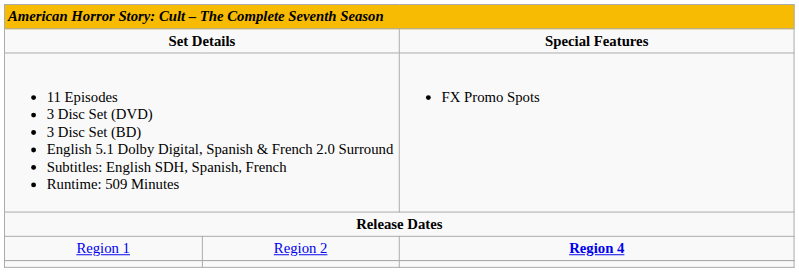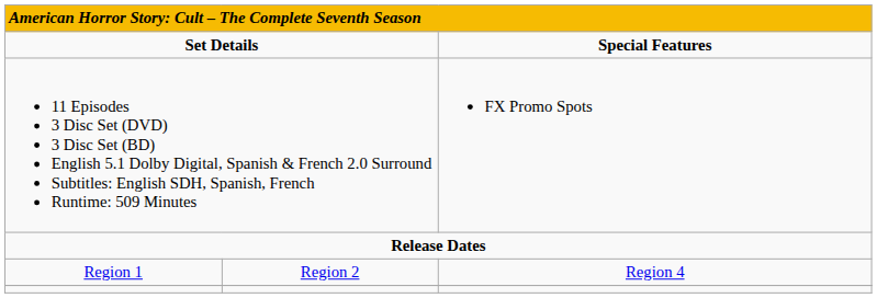 <table class="wikitable" style="font-size: 95%;">
 <tr style="background:#F6BB02;">
 <td colspan="3"><span> <strong><em>American Horror Story: Cult – The Complete Seventh Season</em></strong></span></td>
 </tr>
 <tr style="vertical-align:top; text-align:center;">
 <td style="width:400px;" colspan="2"><strong>Set Details</strong></td>
 <td style="width:400px; " colspan="2"><strong>Special Features</strong></td>
 </tr>
 <tr valign="top">
 <td colspan="2"  style="text-align:left; width:400px;"><br><ul><li>11 Episodes</li><li>3 Disc Set (DVD)</li><li>3 Disc Set (BD)</li><li>English 5.1 Dolby Digital, Spanish & French 2.0 Surround</li><li>Subtitles: English SDH, Spanish, French</li><li>Runtime: 509 Minutes</li></ul></td>
 <td colspan="3"  style="text-align:left; width:400px;"><br><ul><li>FX Promo Spots</li></ul></td>
 </tr>
 <tr>
 <td colspan="3" style="text-align:center;"><strong>Release Dates</strong></td>
 </tr>
 <tr>
 <td style="text-align:center;"><a href='#'>Region 1</a></td>
 <td style="text-align:center;"><a href='#'>Region 2</a></td>
-<td style="text-align:center;"><strong><a href='#'>Region 4</a></strong></td>
+<td style="text-align:center;"><a href='#'>Region 4</a></td>
 </tr>
 <tr style="text-align:center;">
 </tr>
 <tr style="text-align:center;">
 </tr>
 <tr>
 <td colspan="1"></td>
 <td colspan="1"></td>
 <td colspan="1"></td>
 </tr>
 </table>
